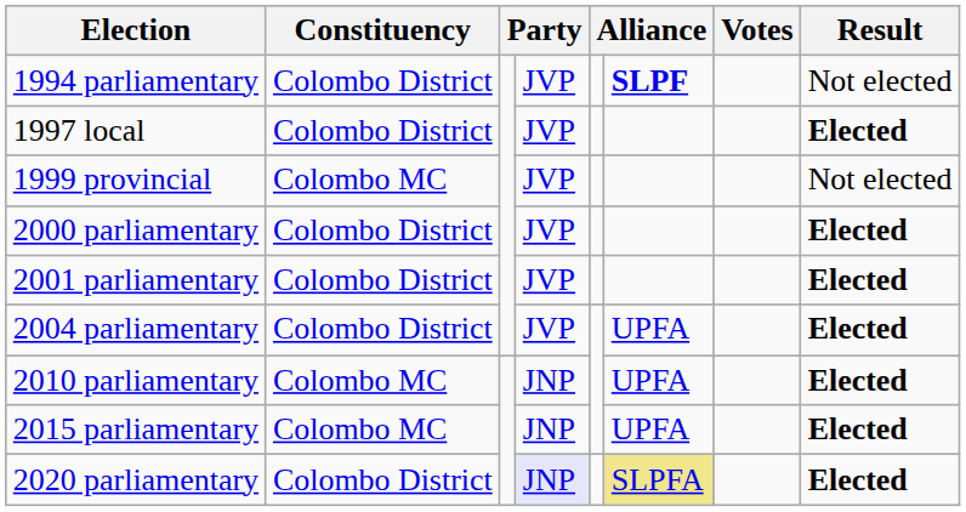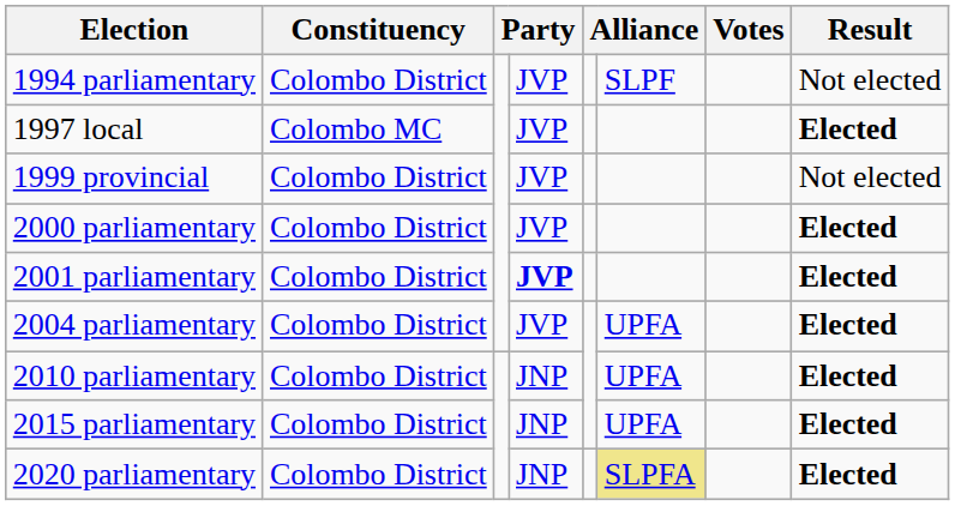 <table class="wikitable" style="text-align:left;">
 <tr>
 <th scope=col>Election</th>
 <th scope=col>Constituency</th>
 <th scope=col colspan="2">Party</th>
 <th scope=col colspan="2">Alliance</th>
 <th scope=col>Votes</th>
 <th scope=col>Result</th>
 </tr>
 <tr>
 <td><a href='#'>1994 parliamentary</a></td>
 <td><a href='#'>Colombo District</a></td>
 <td rowspan="6" style="background:"></td>
 <td><a href='#'>JVP</a></td>
 <td style="background:"></td>
-<td><strong><a href='#'>SLPF</a></strong></td>
+<td><a href='#'>SLPF</a></td>
 <td align=right></td>
 <td>Not elected</td>
 </tr>
 <tr>
 <td>1997 local</td>
-<td><a href='#'>Colombo District</a></td>
+<td><a href='#'>Colombo MC</a></td>
 <td><a href='#'>JVP</a></td>
 <td></td>
 <td></td>
 <td></td>
 <td><strong>Elected</strong></td>
 </tr>
 <tr>
 <td><a href='#'>1999 provincial</a></td>
-<td><a href='#'>Colombo MC</a></td>
+<td><a href='#'>Colombo District</a></td>
 <td><a href='#'>JVP</a></td>
 <td></td>
 <td></td>
 <td></td>
 <td>Not elected</td>
 </tr>
 <tr>
 <td><a href='#'>2000 parliamentary</a></td>
 <td><a href='#'>Colombo District</a></td>
 <td><a href='#'>JVP</a></td>
 <td></td>
 <td></td>
 <td align=right></td>
 <td><strong>Elected</strong></td>
 </tr>
 <tr>
 <td><a href='#'>2001 parliamentary</a></td>
 <td><a href='#'>Colombo District</a></td>
-<td><a href='#'>JVP</a></td>
+<td><strong><a href='#'>JVP</a></strong></td>
 <td></td>
 <td></td>
 <td align=right></td>
 <td><strong>Elected</strong></td>
 </tr>
 <tr>
 <td><a href='#'>2004 parliamentary</a></td>
 <td><a href='#'>Colombo District</a></td>
 <td><a href='#'>JVP</a></td>
 <td rowspan="3" style="background:"></td>
 <td><a href='#'>UPFA</a></td>
 <td align=right></td>
 <td><strong>Elected</strong></td>
 </tr>
 <tr>
 <td><a href='#'>2010 parliamentary</a></td>
-<td><a href='#'>Colombo MC</a></td>
+<td><a href='#'>Colombo District</a></td>
 <td rowspan="6" style="background:"></td>
 <td><a href='#'>JNP</a></td>
 <td><a href='#'>UPFA</a></td>
 <td align=right></td>
 <td><strong>Elected</strong></td>
 </tr>
 <tr>
 <td><a href='#'>2015 parliamentary</a></td>
-<td><a href='#'>Colombo MC</a></td>
+<td><a href='#'>Colombo District</a></td>
 <td><a href='#'>JNP</a></td>
 <td><a href='#'>UPFA</a></td>
 <td align=right></td>
 <td><strong>Elected</strong></td>
 </tr>
 <tr>
 <td><a href='#'>2020 parliamentary</a></td>
 <td><a href='#'>Colombo District</a></td>
-<td style="background: lavender;"><a href='#'>JNP</a></td>
+<td><a href='#'>JNP</a></td>
 <td style="background:"></td>
 <td style="background: khaki;"><a href='#'>SLPFA</a></td>
 <td align=right></td>
 <td><strong>Elected</strong></td>
 </tr>
 </table>
